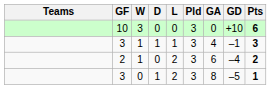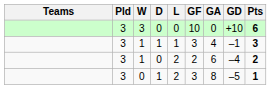 <table class="wikitable" style="text-align: center;">
 <tr>
 <th width=165>Teams</th>
-<th width=20>GF</th>
+<th width=20>Pld</th>
 <th width=20>W</th>
 <th width=20>D</th>
 <th width=20>L</th>
-<th width=20>Pld</th>
+<th width=20>GF</th>
 <th width=20>GA</th>
 <th width=20>GD</th>
 <th width=20>Pts</th>
 </tr>
 <tr align=center style="background:#ccffcc;">
 <td style="text-align:left;"></td>
-<td>10</td>
+<td>3</td>
 <td>3</td>
 <td>0</td>
 <td>0</td>
-<td>3</td>
+<td>10</td>
 <td>0</td>
 <td>+10</td>
 <td><strong>6</strong></td>
 </tr>
 <tr align=center>
 <td style="text-align:left;"></td>
 <td>3</td>
 <td>1</td>
 <td>1</td>
 <td>1</td>
 <td>3</td>
 <td>4</td>
 <td>–1</td>
 <td><strong>3</strong></td>
 </tr>
 <tr align=center>
 <td style="text-align:left;"></td>
-<td>2</td>
+<td>3</td>
 <td>1</td>
 <td>0</td>
 <td>2</td>
-<td>3</td>
+<td>2</td>
 <td>6</td>
 <td>–4</td>
 <td><strong>2</strong></td>
 </tr>
 <tr align=center>
 <td style="text-align:left;"></td>
 <td>3</td>
 <td>0</td>
 <td>1</td>
 <td>2</td>
 <td>3</td>
 <td>8</td>
 <td>–5</td>
 <td><strong>1</strong></td>
 </tr>
 </table>
